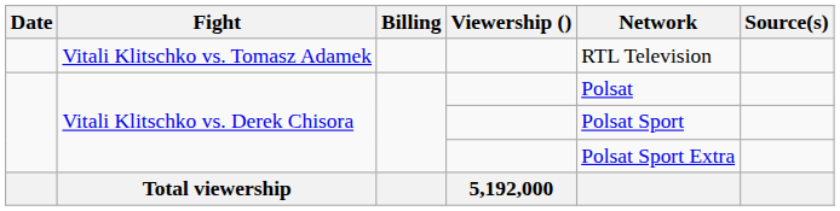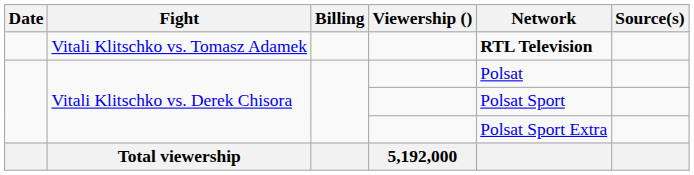 <table class="wikitable sortable">
 <tr>
 <th>Date</th>
 <th>Fight</th>
 <th>Billing</th>
 <th>Viewership ()</th>
 <th>Network</th>
 <th>Source(s)</th>
 </tr>
 <tr>
 <td></td>
 <td><a href='#'>Vitali Klitschko vs. Tomasz Adamek</a></td>
 <td></td>
 <td></td>
-<td>RTL Television</td>
+<td><strong>RTL Television</strong></td>
 <td></td>
 </tr>
 <tr>
 <td rowspan="3"></td>
 <td rowspan="3"><a href='#'>Vitali Klitschko vs. Derek Chisora</a></td>
 <td rowspan="3"></td>
 <td></td>
 <td><a href='#'>Polsat</a></td>
 <td></td>
 </tr>
 <tr>
 <td></td>
 <td><a href='#'>Polsat Sport</a></td>
 <td></td>
 </tr>
 <tr>
 <td></td>
 <td><a href='#'>Polsat Sport Extra</a></td>
 <td></td>
 </tr>
 <tr>
 <th></th>
 <th>Total viewership</th>
 <th></th>
 <th>5,192,000</th>
 <th></th>
 <th></th>
 </tr>
 </table>
